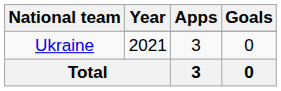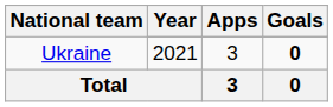 <table class="wikitable" style="text-align:center">
 <tr>
 <th>National team</th>
 <th>Year</th>
 <th>Apps</th>
 <th>Goals</th>
 </tr>
 <tr>
 <td rowspan=2><a href='#'>Ukraine</a></td>
 </tr>
 <tr>
 <td>2021</td>
 <td>3</td>
-<td>0</td>
+<td><strong>0</strong></td>
 </tr>
 <tr>
 <th colspan="2">Total</th>
 <th>3</th>
 <th>0</th>
 </tr>
 </table>
